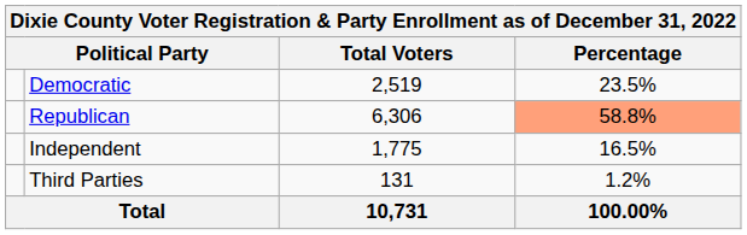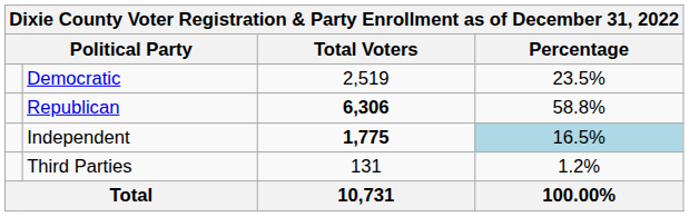 <table class=wikitable>
 <tr>
 <th colspan = 6>Dixie County Voter Registration & Party Enrollment as of December 31, 2022</th>
 </tr>
 <tr>
 <th colspan = 2>Political Party</th>
 <th>Total Voters</th>
 <th>Percentage</th>
 </tr>
 <tr>
 <td></td>
 <td><a href='#'>Democratic</a></td>
 <td align = center>2,519</td>
 <td align = center>23.5%</td>
 </tr>
 <tr>
 <td></td>
 <td><a href='#'>Republican</a></td>
-<td align = center>6,306</td>
-<td align = center style="background: lightsalmon;">58.8%</td>
+<td align = center><strong>6,306</strong></td>
+<td align = center>58.8%</td>
 </tr>
 <tr>
 <td></td>
 <td>Independent</td>
-<td align = center>1,775</td>
-<td align = center>16.5%</td>
+<td align = center><strong>1,775</strong></td>
+<td align = center style="background: lightblue;">16.5%</td>
 </tr>
 <tr>
 <td></td>
 <td>Third Parties</td>
 <td align = center>131</td>
 <td align = center>1.2%</td>
 </tr>
 <tr>
 <th colspan = 2>Total</th>
 <th align = center>10,731</th>
 <th align = center>100.00%</th>
 </tr>
 </table>
